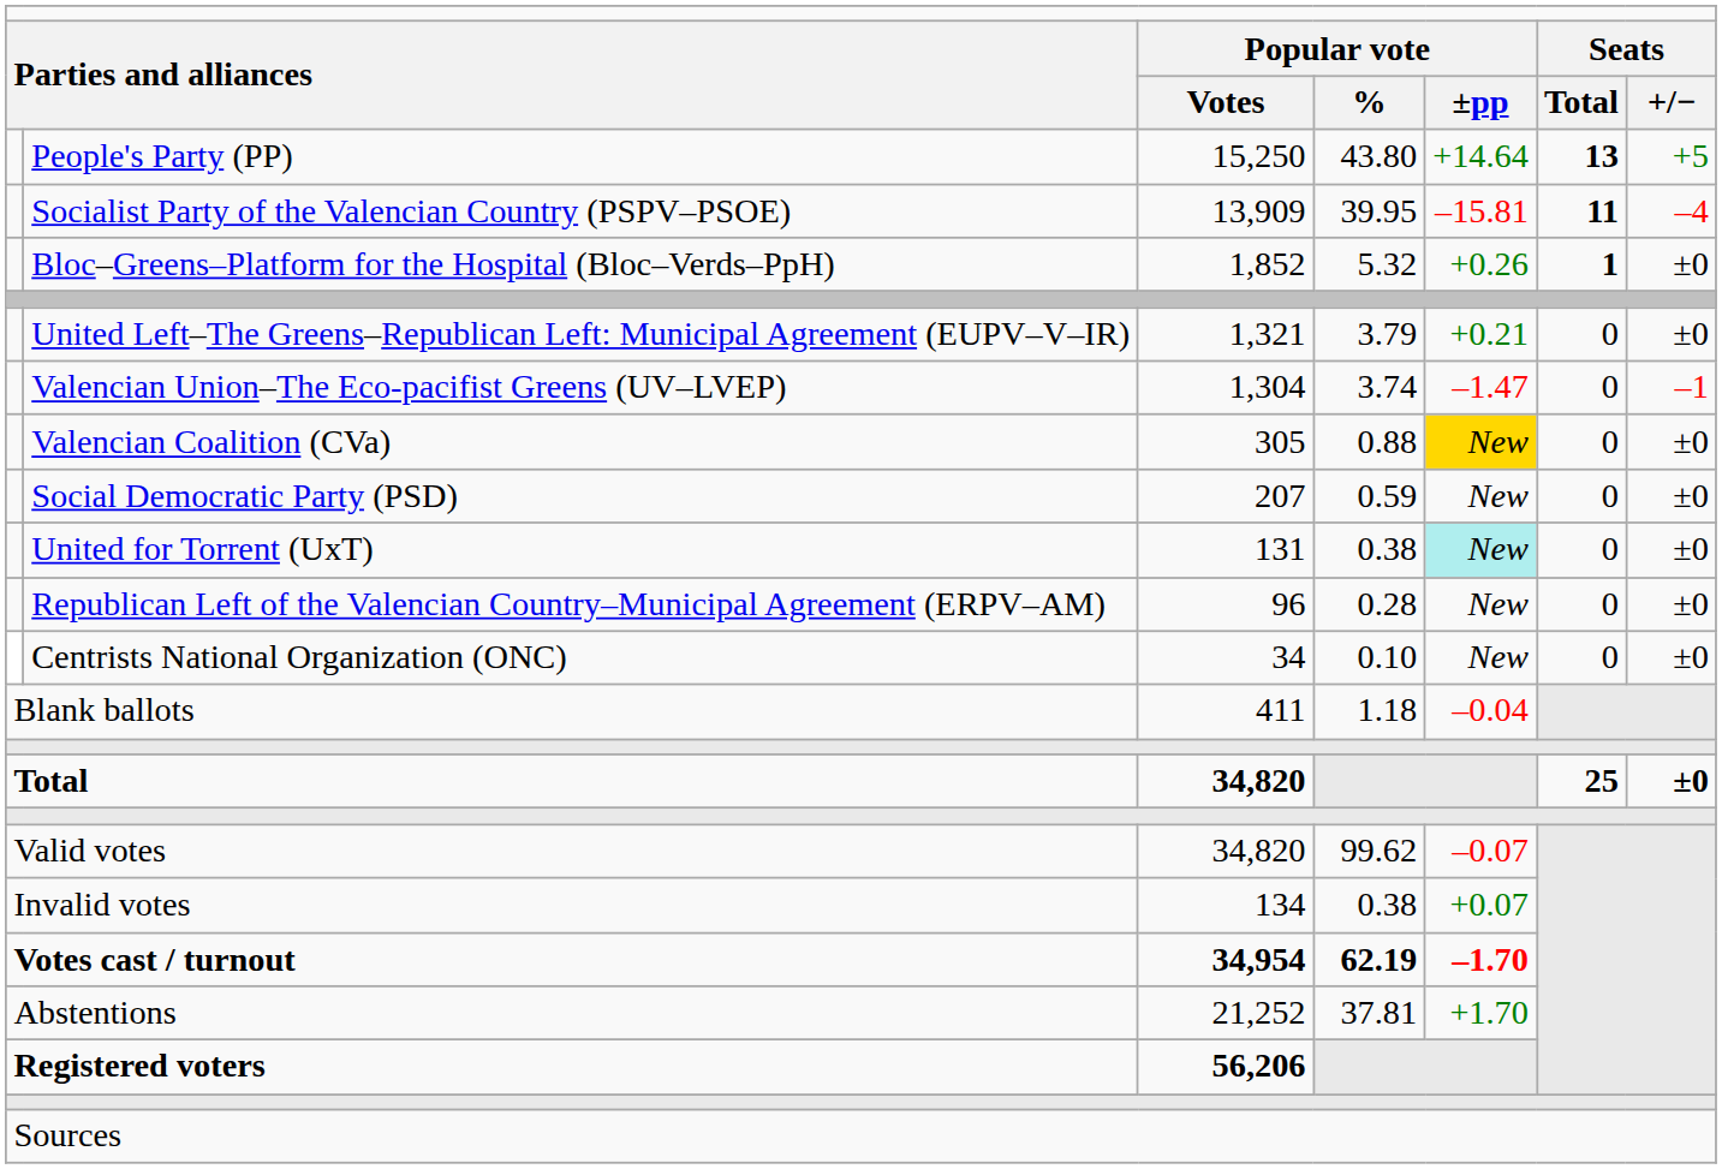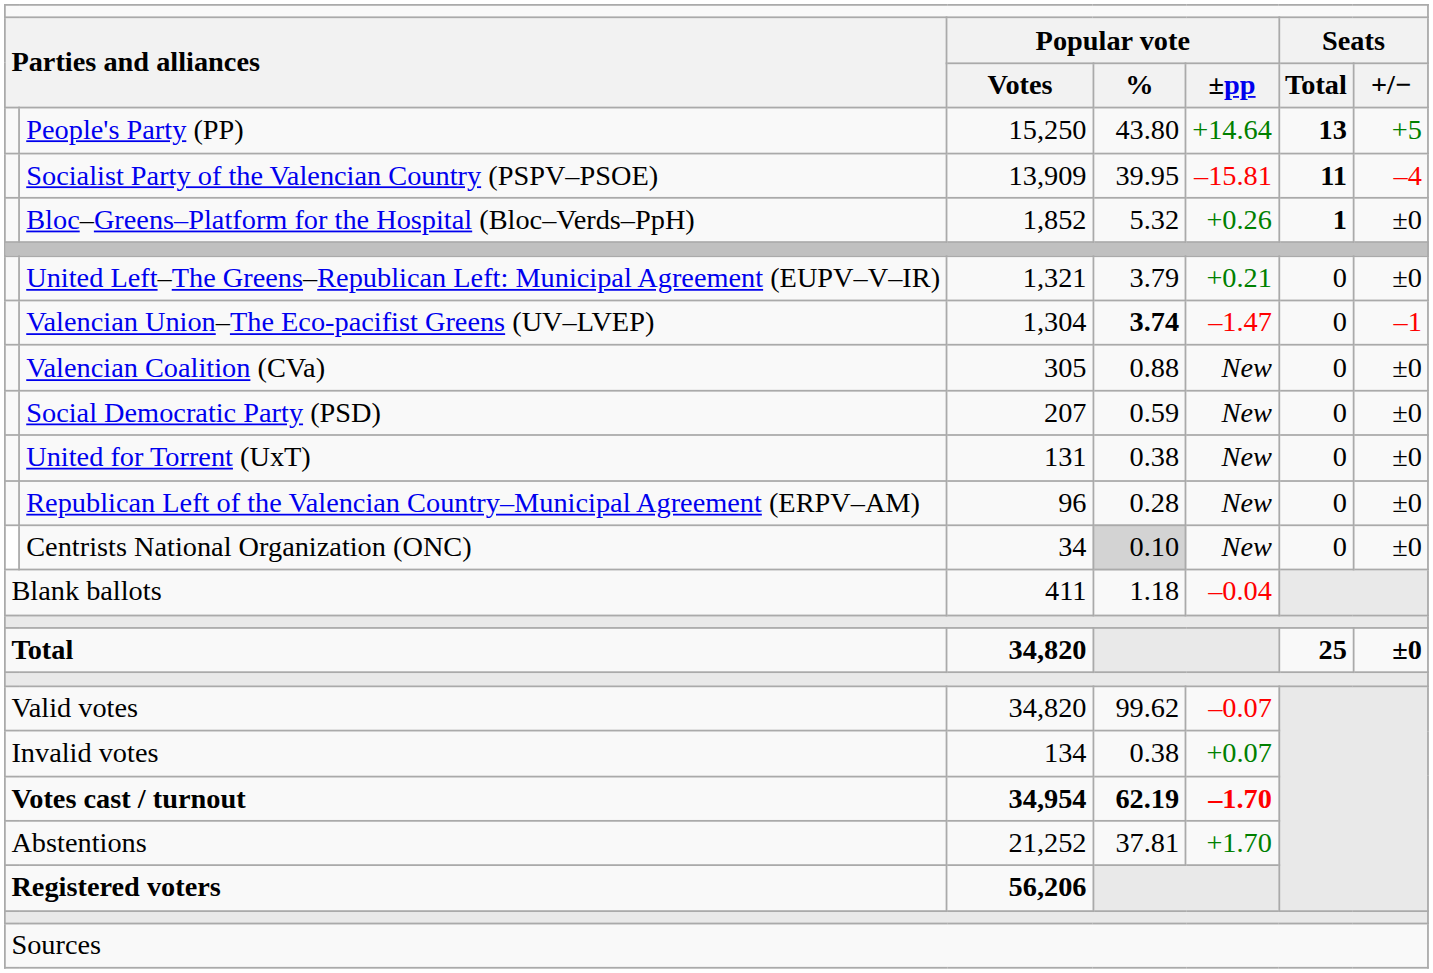 <table class="wikitable" style="text-align:right;">
 <tr>
 <td colspan="7"></td>
 </tr>
 <tr>
 <th style="text-align:left;" rowspan="2" colspan="2" width="525">Parties and alliances</th>
 <th colspan="3">Popular vote</th>
 <th colspan="2">Seats</th>
 </tr>
 <tr>
 <th width="75">Votes</th>
 <th width="45">%</th>
 <th width="45">±<a href='#'>pp</a></th>
 <th width="35">Total</th>
 <th width="35">+/−</th>
 </tr>
 <tr>
 <td width="1" style="color:inherit;background:"></td>
 <td align="left"><a href='#'>People's Party</a> (PP)</td>
 <td>15,250</td>
 <td>43.80</td>
 <td style="color:green;">+14.64</td>
 <td><strong>13</strong></td>
 <td style="color:green;">+5</td>
 </tr>
 <tr>
 <td style="color:inherit;background:"></td>
 <td align="left"><a href='#'>Socialist Party of the Valencian Country</a> (PSPV–PSOE)</td>
 <td>13,909</td>
 <td>39.95</td>
 <td style="color:red;">–15.81</td>
 <td><strong>11</strong></td>
 <td style="color:red;">–4</td>
 </tr>
 <tr>
 <td style="color:inherit;background:"></td>
 <td align="left"><a href='#'>Bloc</a>–<a href='#'>Greens–Platform for the Hospital</a> (Bloc–Verds–PpH)</td>
 <td>1,852</td>
 <td>5.32</td>
 <td style="color:green;">+0.26</td>
 <td><strong>1</strong></td>
 <td>±0</td>
 </tr>
 <tr>
 <td colspan="7" bgcolor="#C0C0C0"></td>
 </tr>
 <tr>
 <td style="color:inherit;background:"></td>
 <td align="left"><a href='#'>United Left</a>–<a href='#'>The Greens</a>–<a href='#'>Republican Left: Municipal Agreement</a> (EUPV–V–IR)</td>
 <td>1,321</td>
 <td>3.79</td>
 <td style="color:green;">+0.21</td>
 <td>0</td>
 <td>±0</td>
 </tr>
 <tr>
 <td style="color:inherit;background:"></td>
 <td align="left"><a href='#'>Valencian Union</a>–<a href='#'>The Eco-pacifist Greens</a> (UV–LVEP)</td>
 <td>1,304</td>
-<td>3.74</td>
+<td><strong>3.74</strong></td>
 <td style="color:red;">–1.47</td>
 <td>0</td>
 <td style="color:red;">–1</td>
 </tr>
 <tr>
 <td style="color:inherit;background:"></td>
 <td align="left"><a href='#'>Valencian Coalition</a> (CVa)</td>
 <td>305</td>
 <td>0.88</td>
-<td style="background: gold;"><em>New</em></td>
+<td><em>New</em></td>
 <td>0</td>
 <td>±0</td>
 </tr>
 <tr>
 <td style="color:inherit;background:"></td>
 <td align="left"><a href='#'>Social Democratic Party</a> (PSD)</td>
 <td>207</td>
 <td>0.59</td>
 <td><em>New</em></td>
 <td>0</td>
 <td>±0</td>
 </tr>
 <tr>
 <td style="color:inherit;background:"></td>
 <td align="left"><a href='#'>United for Torrent</a> (UxT)</td>
 <td>131</td>
 <td>0.38</td>
-<td style="background: paleturquoise;"><em>New</em></td>
+<td><em>New</em></td>
 <td>0</td>
 <td>±0</td>
 </tr>
 <tr>
 <td style="color:inherit;background:"></td>
 <td align="left"><a href='#'>Republican Left of the Valencian Country–Municipal Agreement</a> (ERPV–AM)</td>
 <td>96</td>
 <td>0.28</td>
 <td><em>New</em></td>
 <td>0</td>
 <td>±0</td>
 </tr>
 <tr>
 <td bgcolor="white"></td>
 <td align="left">Centrists National Organization (ONC)</td>
 <td>34</td>
-<td>0.10</td>
+<td style="background: lightgrey;">0.10</td>
 <td><em>New</em></td>
 <td>0</td>
 <td>±0</td>
 </tr>
 <tr>
 <td align="left" colspan="2">Blank ballots</td>
 <td>411</td>
 <td>1.18</td>
 <td style="color:red;">–0.04</td>
 <td bgcolor="#E9E9E9" colspan="2"></td>
 </tr>
 <tr>
 <td colspan="7" bgcolor="#E9E9E9"></td>
 </tr>
 <tr style="font-weight:bold;">
 <td align="left" colspan="2">Total</td>
 <td>34,820</td>
 <td bgcolor="#E9E9E9" colspan="2"></td>
 <td>25</td>
 <td>±0</td>
 </tr>
 <tr>
 <td colspan="7" bgcolor="#E9E9E9"></td>
 </tr>
 <tr>
 <td align="left" colspan="2">Valid votes</td>
 <td>34,820</td>
 <td>99.62</td>
 <td style="color:red;">–0.07</td>
 <td bgcolor="#E9E9E9" colspan="2" rowspan="5"></td>
 </tr>
 <tr>
 <td align="left" colspan="2">Invalid votes</td>
 <td>134</td>
 <td>0.38</td>
 <td style="color:green;">+0.07</td>
 </tr>
 <tr style="font-weight:bold;">
 <td align="left" colspan="2">Votes cast / turnout</td>
 <td>34,954</td>
 <td>62.19</td>
 <td style="color:red;">–1.70</td>
 </tr>
 <tr>
 <td align="left" colspan="2">Abstentions</td>
 <td>21,252</td>
 <td>37.81</td>
 <td style="color:green;">+1.70</td>
 </tr>
 <tr style="font-weight:bold;">
 <td align="left" colspan="2">Registered voters</td>
 <td>56,206</td>
 <td bgcolor="#E9E9E9" colspan="2"></td>
 </tr>
 <tr>
 <td colspan="7" bgcolor="#E9E9E9"></td>
 </tr>
 <tr>
 <td align="left" colspan="7">Sources</td>
 </tr>
 </table>
